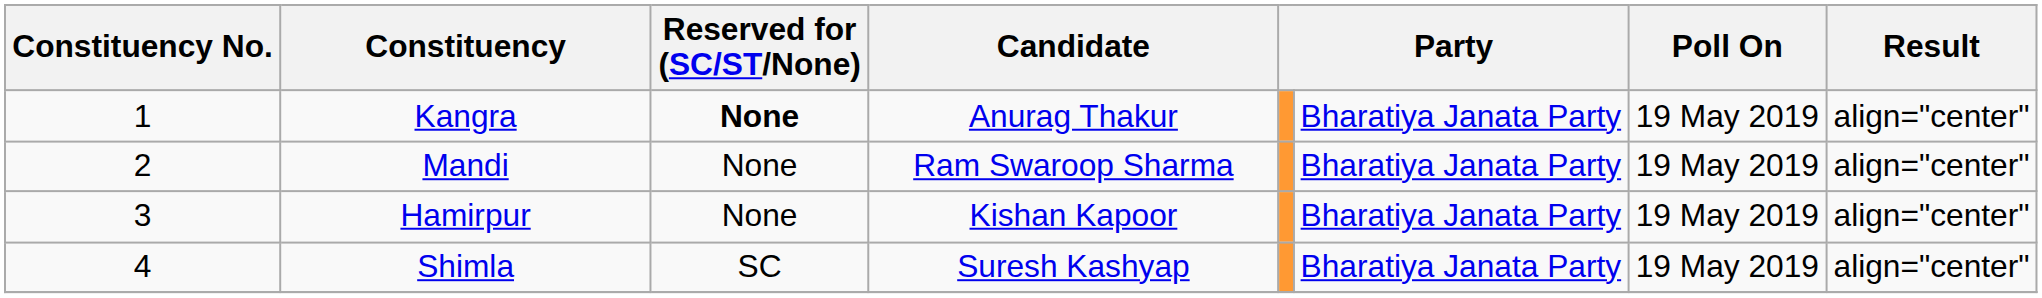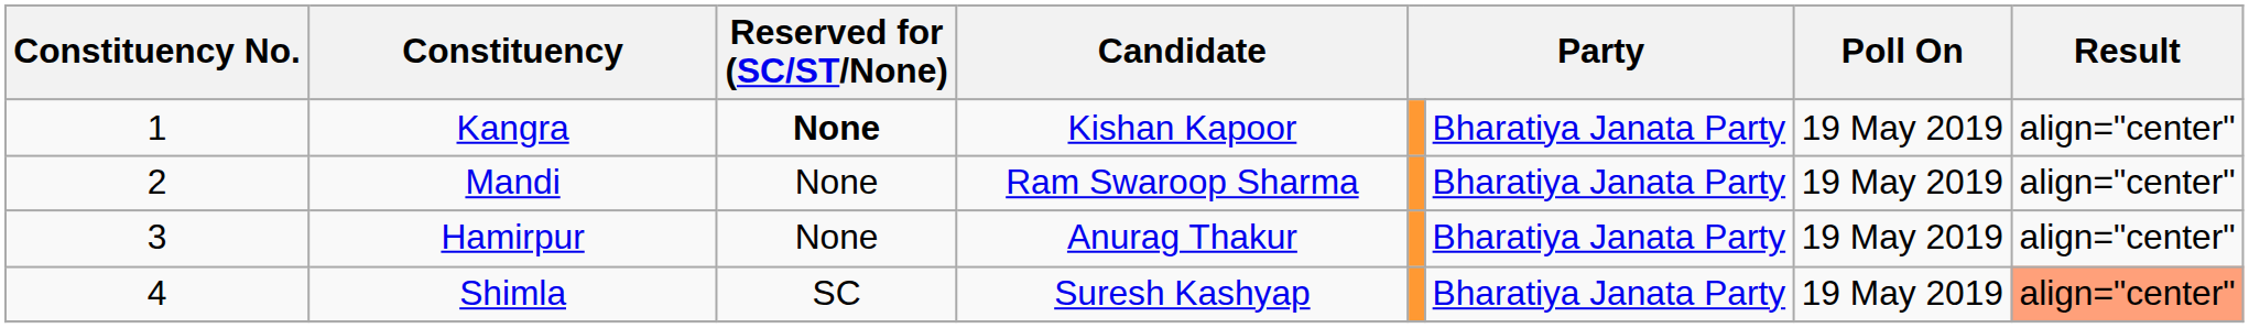 <table class="wikitable sortable" style="text-align:center;">
 <tr>
 <th>Constituency No.</th>
 <th style="width:180px;">Constituency</th>
 <th>Reserved for<br>(<a href='#'>SC/ST</a>/None)</th>
 <th style="width:200px;">Candidate</th>
 <th colspan="2">Party</th>
 <th>Poll On</th>
 <th>Result</th>
 </tr>
 <tr>
 <td align="center">1</td>
 <td><a href='#'>Kangra</a></td>
 <td align="center"><strong>None</strong></td>
-<td><a href='#'>Anurag Thakur</a></td>
+<td><a href='#'>Kishan Kapoor</a></td>
 <td bgcolor=#FF9933></td>
 <td><a href='#'>Bharatiya Janata Party</a></td>
 <td align="center">19 May 2019</td>
 <td>align="center" </td>
 </tr>
 <tr>
 <td align="center">2</td>
 <td><a href='#'>Mandi</a></td>
 <td align="center">None</td>
 <td><a href='#'>Ram Swaroop Sharma</a></td>
 <td bgcolor=#FF9933></td>
 <td><a href='#'>Bharatiya Janata Party</a></td>
 <td align="center">19 May 2019</td>
 <td>align="center" </td>
 </tr>
 <tr>
 <td align="center">3</td>
 <td><a href='#'>Hamirpur</a></td>
 <td align="center">None</td>
-<td><a href='#'>Kishan Kapoor</a></td>
+<td><a href='#'>Anurag Thakur</a></td>
 <td bgcolor=#FF9933></td>
 <td><a href='#'>Bharatiya Janata Party</a></td>
 <td align="center">19 May 2019</td>
 <td>align="center" </td>
 </tr>
 <tr>
 <td align="center">4</td>
 <td><a href='#'>Shimla</a></td>
 <td align="center">SC</td>
 <td><a href='#'>Suresh Kashyap</a></td>
 <td bgcolor=#FF9933></td>
 <td><a href='#'>Bharatiya Janata Party</a></td>
 <td align="center">19 May 2019</td>
-<td>align="center" </td>
+<td style="background: lightsalmon;">align="center" </td>
 </tr>
 <tr>
 </tr>
 </table>
